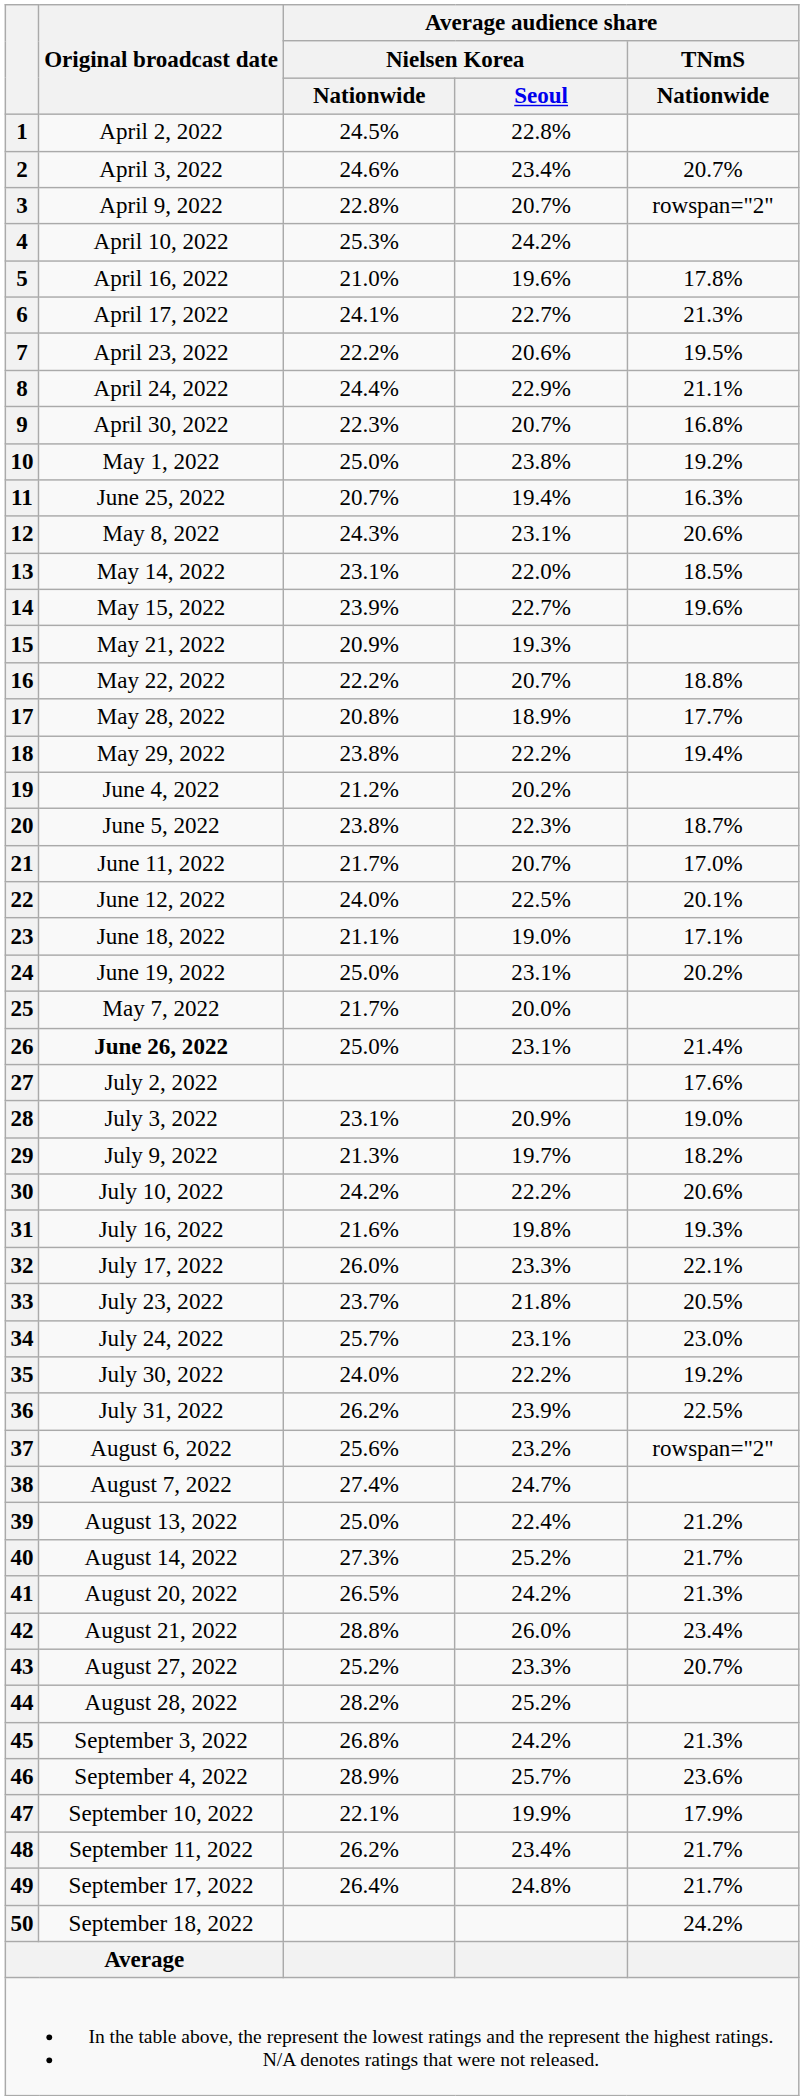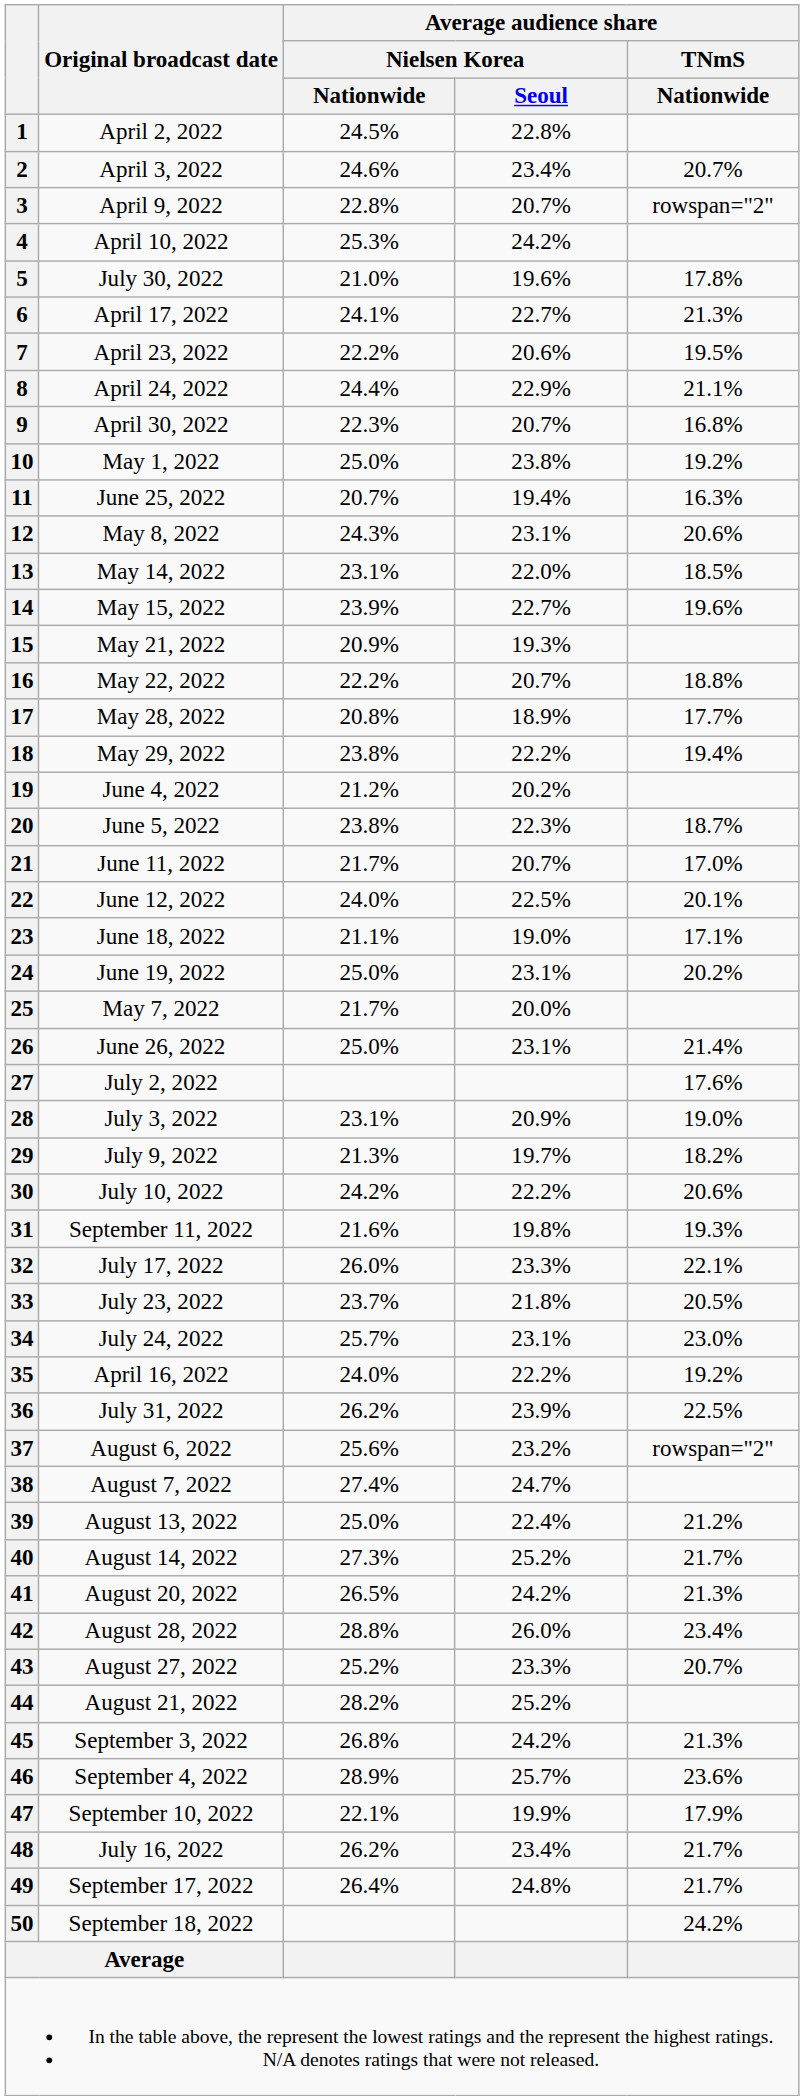 <table class="wikitable plainrowheaders" style="text-align:center; max-width:600px; margin-left:auto; margin-right:auto">
 <tr>
 <th scope="col" rowspan="3"></th>
 <th scope="col" rowspan="3">Original broadcast date</th>
 <th scope="col" colspan="3">Average audience share</th>
 </tr>
 <tr>
 <th scope="col" colspan="2">Nielsen Korea</th>
 <th scope="col">TNmS</th>
 </tr>
 <tr>
 <th scope="col" style="width:7em">Nationwide</th>
 <th scope="col" style="width:7em"><a href='#'>Seoul</a></th>
 <th scope="col" style="width:7em">Nationwide</th>
 </tr>
 <tr>
 <th scope="col">1</th>
 <td>April 2, 2022</td>
 <td>24.5% </td>
 <td>22.8% </td>
 <td></td>
 </tr>
 <tr>
 <th scope="col">2</th>
 <td>April 3, 2022</td>
 <td>24.6% </td>
 <td>23.4% </td>
 <td>20.7% </td>
 </tr>
 <tr>
 <th scope="col">3</th>
 <td>April 9, 2022</td>
 <td>22.8% </td>
 <td>20.7% </td>
 <td>rowspan="2" </td>
 </tr>
 <tr>
 <th scope="col">4</th>
 <td>April 10, 2022</td>
 <td>25.3% </td>
 <td>24.2% </td>
 </tr>
 <tr>
 <th scope="col">5</th>
-<td>April 16, 2022</td>
+<td>July 30, 2022</td>
 <td>21.0% </td>
 <td>19.6% </td>
 <td>17.8% </td>
 </tr>
 <tr>
 <th scope="col">6</th>
 <td>April 17, 2022</td>
 <td>24.1% </td>
 <td>22.7% </td>
 <td>21.3% </td>
 </tr>
 <tr>
 <th scope="col">7</th>
 <td>April 23, 2022</td>
 <td>22.2% </td>
 <td>20.6% </td>
 <td>19.5% </td>
 </tr>
 <tr>
 <th scope="col">8</th>
 <td>April 24, 2022</td>
 <td>24.4% </td>
 <td>22.9% </td>
 <td>21.1% </td>
 </tr>
 <tr>
 <th scope="col">9</th>
 <td>April 30, 2022</td>
 <td>22.3% </td>
 <td>20.7% </td>
 <td>16.8% </td>
 </tr>
 <tr>
 <th scope="col">10</th>
 <td>May 1, 2022</td>
 <td>25.0% </td>
 <td>23.8% </td>
 <td>19.2% </td>
 </tr>
 <tr>
 <th scope="col">11</th>
 <td>June 25, 2022</td>
 <td>20.7% </td>
 <td>19.4% </td>
 <td>16.3% </td>
 </tr>
 <tr>
 <th scope="col">12</th>
 <td>May 8, 2022</td>
 <td>24.3% </td>
 <td>23.1% </td>
 <td>20.6% </td>
 </tr>
 <tr>
 <th scope="col">13</th>
 <td>May 14, 2022</td>
 <td>23.1% </td>
 <td>22.0% </td>
 <td>18.5% </td>
 </tr>
 <tr>
 <th scope="col">14</th>
 <td>May 15, 2022</td>
 <td>23.9% </td>
 <td>22.7% </td>
 <td>19.6% </td>
 </tr>
 <tr>
 <th scope="col">15</th>
 <td>May 21, 2022</td>
 <td>20.9% </td>
 <td>19.3% </td>
 <td></td>
 </tr>
 <tr>
 <th scope="col">16</th>
 <td>May 22, 2022</td>
 <td>22.2% </td>
 <td>20.7% </td>
 <td>18.8% </td>
 </tr>
 <tr>
 <th scope="col">17</th>
 <td>May 28, 2022</td>
 <td>20.8% </td>
 <td>18.9% </td>
 <td>17.7% </td>
 </tr>
 <tr>
 <th scope="col">18</th>
 <td>May 29, 2022</td>
 <td>23.8% </td>
 <td>22.2% </td>
 <td>19.4% </td>
 </tr>
 <tr>
 <th scope="col">19</th>
 <td>June 4, 2022</td>
 <td>21.2% </td>
 <td>20.2% </td>
 <td><strong></strong> </td>
 </tr>
 <tr>
 <th scope="col">20</th>
 <td>June 5, 2022</td>
 <td>23.8% </td>
 <td>22.3% </td>
 <td>18.7% </td>
 </tr>
 <tr>
 <th scope="col">21</th>
 <td>June 11, 2022</td>
 <td>21.7% </td>
 <td>20.7% </td>
 <td>17.0% </td>
 </tr>
 <tr>
 <th scope="col">22</th>
 <td>June 12, 2022</td>
 <td>24.0% </td>
 <td>22.5% </td>
 <td>20.1% </td>
 </tr>
 <tr>
 <th scope="col">23</th>
 <td>June 18, 2022</td>
 <td>21.1% </td>
 <td>19.0% </td>
 <td>17.1% </td>
 </tr>
 <tr>
 <th scope="col">24</th>
 <td>June 19, 2022</td>
 <td>25.0% </td>
 <td>23.1% </td>
 <td>20.2% </td>
 </tr>
 <tr>
 <th scope="col">25</th>
 <td>May 7, 2022</td>
 <td>21.7% </td>
 <td>20.0% </td>
 <td></td>
 </tr>
 <tr>
 <th scope="col">26</th>
-<td><strong>June 26, 2022</strong></td>
+<td>June 26, 2022</td>
 <td>25.0% </td>
 <td>23.1% </td>
 <td>21.4% </td>
 </tr>
 <tr>
 <th scope="col">27</th>
 <td>July 2, 2022</td>
 <td><strong></strong> </td>
 <td><strong></strong> </td>
 <td>17.6% </td>
 </tr>
 <tr>
 <th scope="col">28</th>
 <td>July 3, 2022</td>
 <td>23.1% </td>
 <td>20.9% </td>
 <td>19.0% </td>
 </tr>
 <tr>
 <th scope="col">29</th>
 <td>July 9, 2022</td>
 <td>21.3% </td>
 <td>19.7% </td>
 <td>18.2% </td>
 </tr>
 <tr>
 <th scope="col">30</th>
 <td>July 10, 2022</td>
 <td>24.2% </td>
 <td>22.2% </td>
 <td>20.6% </td>
 </tr>
 <tr>
 <th scope="col">31</th>
-<td>July 16, 2022</td>
+<td>September 11, 2022</td>
 <td>21.6% </td>
 <td>19.8% </td>
 <td>19.3% </td>
 </tr>
 <tr>
 <th scope="col">32</th>
 <td>July 17, 2022</td>
 <td>26.0% </td>
 <td>23.3% </td>
 <td>22.1% </td>
 </tr>
 <tr>
 <th scope="col">33</th>
 <td>July 23, 2022</td>
 <td>23.7% </td>
 <td>21.8% </td>
 <td>20.5% </td>
 </tr>
 <tr>
 <th scope="col">34</th>
 <td>July 24, 2022</td>
 <td>25.7% </td>
 <td>23.1% </td>
 <td>23.0% </td>
 </tr>
 <tr>
 <th scope="col">35</th>
-<td>July 30, 2022</td>
+<td>April 16, 2022</td>
 <td>24.0% </td>
 <td>22.2% </td>
 <td>19.2% </td>
 </tr>
 <tr>
 <th scope="col">36</th>
 <td>July 31, 2022</td>
 <td>26.2% </td>
 <td>23.9% </td>
 <td>22.5% </td>
 </tr>
 <tr>
 <th scope="col">37</th>
 <td>August 6, 2022</td>
 <td>25.6% </td>
 <td>23.2% </td>
 <td>rowspan="2" </td>
 </tr>
 <tr>
 <th scope="col">38</th>
 <td>August 7, 2022</td>
 <td>27.4% </td>
 <td>24.7% </td>
 </tr>
 <tr>
 <th scope="col">39</th>
 <td>August 13, 2022</td>
 <td>25.0% </td>
 <td>22.4% </td>
 <td>21.2% </td>
 </tr>
 <tr>
 <th scope="col">40</th>
 <td>August 14, 2022</td>
 <td>27.3% </td>
 <td>25.2% </td>
 <td>21.7% </td>
 </tr>
 <tr>
 <th scope="col">41</th>
 <td>August 20, 2022</td>
 <td>26.5% </td>
 <td>24.2% </td>
 <td>21.3% </td>
 </tr>
 <tr>
 <th scope="col">42</th>
-<td>August 21, 2022</td>
+<td>August 28, 2022</td>
 <td>28.8% </td>
 <td>26.0% </td>
 <td>23.4% </td>
 </tr>
 <tr>
 <th scope="col">43</th>
 <td>August 27, 2022</td>
 <td>25.2% </td>
 <td>23.3% </td>
 <td>20.7% </td>
 </tr>
 <tr>
 <th scope="col">44</th>
-<td>August 28, 2022</td>
+<td>August 21, 2022</td>
 <td>28.2% </td>
 <td>25.2% </td>
 <td><strong></strong> </td>
 </tr>
 <tr>
 <th scope="col">45</th>
 <td>September 3, 2022</td>
 <td>26.8% </td>
 <td>24.2% </td>
 <td>21.3% </td>
 </tr>
 <tr>
 <th scope="col">46</th>
 <td>September 4, 2022</td>
 <td>28.9% </td>
 <td>25.7% </td>
 <td>23.6% </td>
 </tr>
 <tr>
 <th scope="col">47</th>
 <td>September 10, 2022</td>
 <td>22.1% </td>
 <td>19.9% </td>
 <td>17.9% </td>
 </tr>
 <tr>
 <th scope="col">48</th>
-<td>September 11, 2022</td>
+<td>July 16, 2022</td>
 <td>26.2% </td>
 <td>23.4% </td>
 <td>21.7% </td>
 </tr>
 <tr>
 <th scope="col">49</th>
 <td>September 17, 2022</td>
 <td>26.4% </td>
 <td>24.8% </td>
 <td>21.7% </td>
 </tr>
 <tr>
 <th scope="col">50</th>
 <td>September 18, 2022</td>
 <td><strong></strong> </td>
 <td><strong></strong> </td>
 <td>24.2% </td>
 </tr>
 <tr>
 <th scope="col" colspan="2">Average</th>
 <th scope="col"></th>
 <th scope="col"></th>
 <th scope="col"></th>
 </tr>
 <tr>
 <td colspan="6" style="font-size:85%"><br><ul><li>In the table above, the <strong></strong> represent the lowest ratings and the <strong></strong> represent the highest ratings.</li><li>N/A denotes ratings that were not released.</li></ul></td>
 </tr>
 </table>
